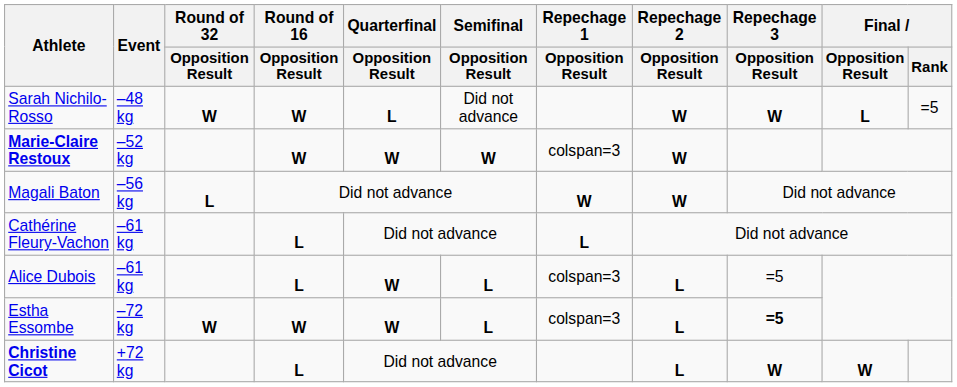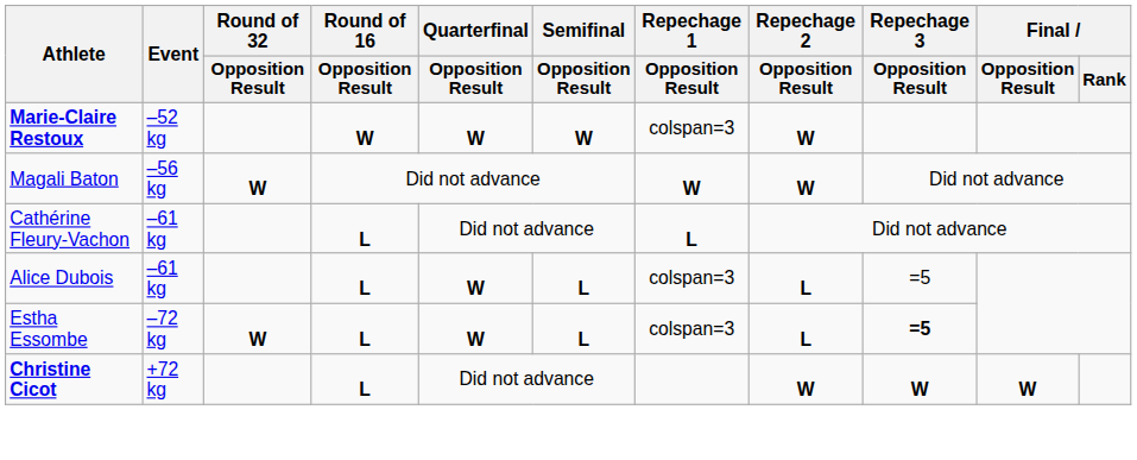 <table class=wikitable style=font-size:90%;text-align:center>
 <tr>
 <th rowspan=2>Athlete</th>
 <th rowspan=2>Event</th>
 <th>Round of 32</th>
 <th>Round of 16</th>
 <th>Quarterfinal</th>
 <th>Semifinal</th>
 <th>Repechage 1</th>
 <th>Repechage 2</th>
 <th>Repechage 3</th>
 <th colspan=2>Final / </th>
 </tr>
 <tr style=font-size:95%>
 <th>Opposition<br>Result</th>
 <th>Opposition<br>Result</th>
 <th>Opposition<br>Result</th>
 <th>Opposition<br>Result</th>
 <th>Opposition<br>Result</th>
 <th>Opposition<br>Result</th>
 <th>Opposition<br>Result</th>
 <th>Opposition<br>Result</th>
 <th>Rank</th>
 </tr>
 <tr>
-<td align=left><a href='#'>Sarah Nichilo-Rosso</a></td>
-<td align=left><a href='#'>–48 kg</a></td>
-<td><br><strong>W</strong></td>
-<td><br><strong>W</strong></td>
-<td><br><strong>L</strong></td>
-<td>Did not advance</td>
-<td></td>
-<td><br><strong>W</strong></td>
-<td><br><strong>W</strong></td>
-<td><br><strong>L</strong></td>
-<td>=5</td>
-</tr>
-<tr>
 <td align=left><strong><a href='#'>Marie-Claire Restoux</a></strong></td>
 <td align=left><a href='#'>–52 kg</a></td>
 <td></td>
 <td><br><strong>W</strong></td>
 <td><br><strong>W</strong></td>
 <td><br><strong>W</strong></td>
 <td>colspan=3 </td>
 <td><br><strong>W</strong></td>
 <td></td>
 </tr>
 <tr>
 <td align=left><a href='#'>Magali Baton</a></td>
 <td align=left><a href='#'>–56 kg</a></td>
-<td><br><strong>L</strong></td>
+<td><br><strong>W</strong></td>
 <td colspan=3>Did not advance</td>
 <td><br><strong>W</strong></td>
 <td><br><strong>W</strong></td>
 <td colspan=3>Did not advance</td>
 </tr>
 <tr>
 <td align=left><a href='#'>Cathérine Fleury-Vachon</a></td>
 <td align=left><a href='#'>–61 kg</a></td>
 <td></td>
 <td><br><strong>L</strong></td>
 <td colspan=2>Did not advance</td>
 <td><br><strong>L</strong></td>
 <td colspan=4>Did not advance</td>
 </tr>
 <tr>
 <td align=left><a href='#'>Alice Dubois</a></td>
 <td align=left><a href='#'>–61 kg</a></td>
 <td></td>
 <td><br><strong>L</strong></td>
 <td><br><strong>W</strong></td>
 <td><br><strong>L</strong></td>
 <td>colspan=3 </td>
 <td><br><strong>L</strong></td>
 <td>=5</td>
 </tr>
 <tr>
 <td align=left><a href='#'>Estha Essombe</a></td>
 <td align=left><a href='#'>–72 kg</a></td>
 <td><br><strong>W</strong></td>
-<td><br><strong>W</strong></td>
+<td><br><strong>L</strong></td>
 <td><br><strong>W</strong></td>
 <td><br><strong>L</strong></td>
 <td>colspan=3 </td>
 <td><br><strong>L</strong></td>
 <td><strong>=5</strong></td>
 </tr>
 <tr>
 <td align=left><strong><a href='#'>Christine Cicot</a></strong></td>
 <td align=left><a href='#'>+72 kg</a></td>
 <td></td>
 <td><br><strong>L</strong></td>
 <td colspan=2>Did not advance</td>
 <td></td>
-<td><br><strong>L</strong></td>
+<td><br><strong>W</strong></td>
 <td><br><strong>W</strong></td>
 <td><br><strong>W</strong></td>
 <td></td>
 </tr>
 </table>
